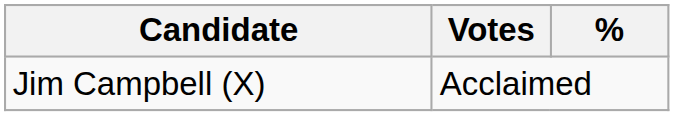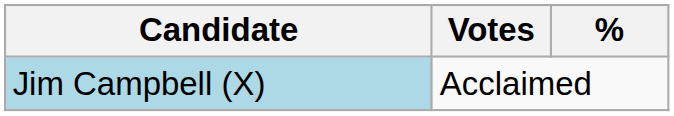 <table class="wikitable sortable">
 <tr>
 <th bgcolor="#DDDDFF" width="200px">Candidate</th>
 <th bgcolor="#DDDDFF" width="50px">Votes</th>
 <th bgcolor="#DDDDFF" width="50px">%</th>
 </tr>
 <tr>
-<td>Jim Campbell (X)</td>
+<td style="background: lightblue;">Jim Campbell (X)</td>
 <td colspan="2">Acclaimed</td>
 </tr>
 </table>
